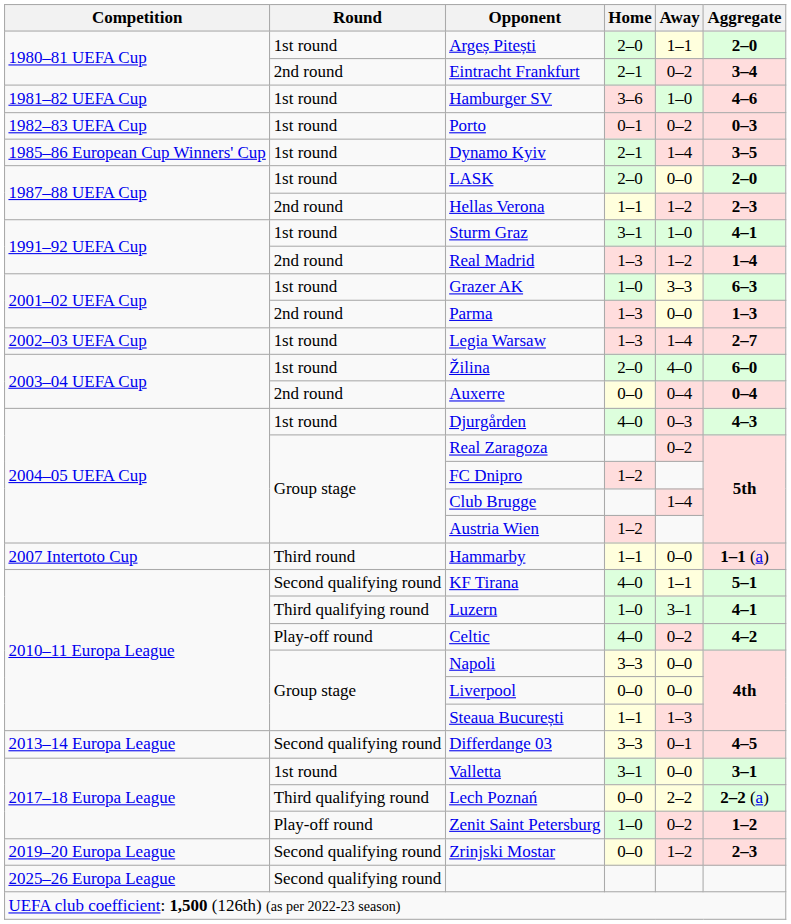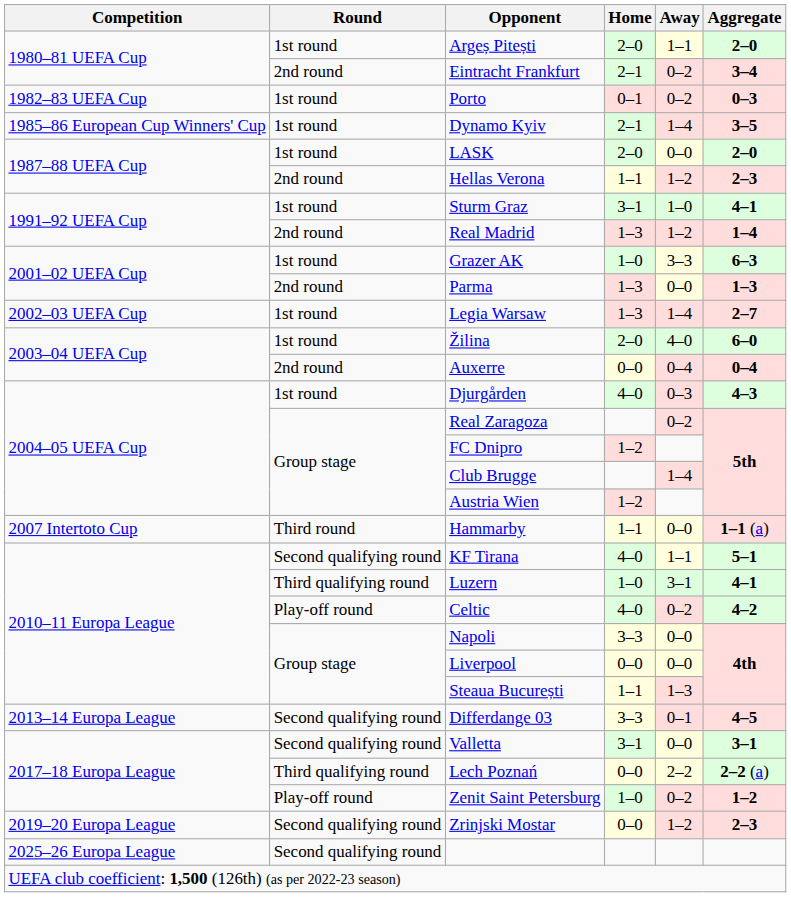 <table class="wikitable">
 <tr>
 <th>Competition</th>
 <th>Round</th>
 <th>Opponent</th>
 <th>Home</th>
 <th>Away</th>
 <th>Aggregate</th>
 </tr>
 <tr>
 <td rowspan="2"><a href='#'>1980–81 UEFA Cup</a></td>
 <td>1st round</td>
 <td> <a href='#'>Argeș Pitești</a></td>
 <td bgcolor="#ddffdd" style="text-align:center;">2–0</td>
 <td bgcolor="#ffffdd" style="text-align:center;">1–1</td>
 <td bgcolor="#ddffdd" style="text-align:center;"><strong>2–0</strong></td>
 </tr>
 <tr>
 <td>2nd round</td>
 <td> <a href='#'>Eintracht Frankfurt</a></td>
 <td bgcolor="#ddffdd" style="text-align:center;">2–1</td>
 <td bgcolor="#ffdddd" style="text-align:center;">0–2</td>
 <td bgcolor="#ffdddd" style="text-align:center;"><strong>3–4</strong></td>
-</tr>
-<tr>
-<td><a href='#'>1981–82 UEFA Cup</a></td>
-<td>1st round</td>
-<td> <a href='#'>Hamburger SV</a></td>
-<td bgcolor="#ffdddd" style="text-align:center;">3–6</td>
-<td bgcolor="#ddffdd" style="text-align:center;">1–0</td>
-<td bgcolor="#ffdddd" style="text-align:center;"><strong>4–6</strong></td>
 </tr>
 <tr>
 <td><a href='#'>1982–83 UEFA Cup</a></td>
 <td>1st round</td>
 <td> <a href='#'>Porto</a></td>
 <td bgcolor="#ffdddd" style="text-align:center;">0–1</td>
 <td bgcolor="#ffdddd" style="text-align:center;">0–2</td>
 <td bgcolor="#ffdddd" style="text-align:center;"><strong>0–3</strong></td>
 </tr>
 <tr>
 <td><a href='#'>1985–86 European Cup Winners' Cup</a></td>
 <td>1st round</td>
 <td> <a href='#'>Dynamo Kyiv</a></td>
 <td bgcolor="#ddffdd" style="text-align:center;">2–1</td>
 <td bgcolor="#ffdddd" style="text-align:center;">1–4</td>
 <td bgcolor="#ffdddd" style="text-align:center;"><strong>3–5</strong></td>
 </tr>
 <tr>
 <td rowspan="2"><a href='#'>1987–88 UEFA Cup</a></td>
 <td>1st round</td>
 <td> <a href='#'>LASK</a></td>
 <td bgcolor="#ddffdd" style="text-align:center;">2–0</td>
 <td bgcolor="#ffffdd" style="text-align:center;">0–0</td>
 <td bgcolor="#ddffdd" style="text-align:center;"><strong>2–0</strong></td>
 </tr>
 <tr>
 <td>2nd round</td>
 <td> <a href='#'>Hellas Verona</a></td>
 <td bgcolor="#ffffdd" style="text-align:center;">1–1</td>
 <td bgcolor="#ffdddd" style="text-align:center;">1–2</td>
 <td bgcolor="#ffdddd" style="text-align:center;"><strong>2–3</strong></td>
 </tr>
 <tr>
 <td rowspan="2"><a href='#'>1991–92 UEFA Cup</a></td>
 <td>1st round</td>
 <td> <a href='#'>Sturm Graz</a></td>
 <td bgcolor="#ddffdd" style="text-align:center;">3–1</td>
 <td bgcolor="#ddffdd" style="text-align:center;">1–0</td>
 <td bgcolor="#ddffdd" style="text-align:center;"><strong>4–1</strong></td>
 </tr>
 <tr>
 <td>2nd round</td>
 <td> <a href='#'>Real Madrid</a></td>
 <td bgcolor="#ffdddd" style="text-align:center;">1–3</td>
 <td bgcolor="#ffdddd" style="text-align:center;">1–2</td>
 <td bgcolor="#ffdddd" style="text-align:center;"><strong>1–4</strong></td>
 </tr>
 <tr>
 <td rowspan="2"><a href='#'>2001–02 UEFA Cup</a></td>
 <td>1st round</td>
 <td> <a href='#'>Grazer AK</a></td>
 <td bgcolor="#ddffdd" style="text-align:center;">1–0</td>
 <td bgcolor="#ffffdd" style="text-align:center;">3–3</td>
 <td bgcolor="#ddffdd" style="text-align:center;"><strong>6–3</strong></td>
 </tr>
 <tr>
 <td>2nd round</td>
 <td> <a href='#'>Parma</a></td>
 <td bgcolor="#ffdddd" style="text-align:center;">1–3</td>
 <td bgcolor="#ffffdd" style="text-align:center;">0–0</td>
 <td bgcolor="#ffdddd" style="text-align:center;"><strong>1–3</strong></td>
 </tr>
 <tr>
 <td><a href='#'>2002–03 UEFA Cup</a></td>
 <td>1st round</td>
 <td> <a href='#'>Legia Warsaw</a></td>
 <td bgcolor="#ffdddd" style="text-align:center;">1–3</td>
 <td bgcolor="#ffdddd" style="text-align:center;">1–4</td>
 <td bgcolor="#ffdddd" style="text-align:center;"><strong>2–7</strong></td>
 </tr>
 <tr>
 <td rowspan="2"><a href='#'>2003–04 UEFA Cup</a></td>
 <td>1st round</td>
 <td> <a href='#'>Žilina</a></td>
 <td bgcolor="#ddffdd" style="text-align:center;">2–0</td>
 <td bgcolor="#ddffdd" style="text-align:center;">4–0</td>
 <td bgcolor="#ddffdd" style="text-align:center;"><strong>6–0</strong></td>
 </tr>
 <tr>
 <td>2nd round</td>
 <td> <a href='#'>Auxerre</a></td>
 <td bgcolor="#ffffdd" style="text-align:center;">0–0</td>
 <td bgcolor="#ffdddd" style="text-align:center;">0–4</td>
 <td bgcolor="#ffdddd" style="text-align:center;"><strong>0–4</strong></td>
 </tr>
 <tr>
 <td rowspan="5"><a href='#'>2004–05 UEFA Cup</a></td>
 <td>1st round</td>
 <td> <a href='#'>Djurgården</a></td>
 <td bgcolor="#ddffdd" style="text-align:center;">4–0</td>
 <td bgcolor="#ffdddd" style="text-align:center;">0–3</td>
 <td bgcolor="#ddffdd" style="text-align:center;"><strong>4–3</strong></td>
 </tr>
 <tr>
 <td rowspan="4">Group stage</td>
 <td> <a href='#'>Real Zaragoza</a></td>
 <td></td>
 <td bgcolor="#ffdddd" style="text-align:center;">0–2</td>
 <td bgcolor="#ffdddd" style="text-align:center;" rowspan="4"><strong>5th</strong></td>
 </tr>
 <tr>
 <td> <a href='#'>FC Dnipro</a></td>
 <td bgcolor="#ffdddd" style="text-align:center;">1–2</td>
 <td></td>
 </tr>
 <tr>
 <td> <a href='#'>Club Brugge</a></td>
 <td></td>
 <td bgcolor="#ffdddd" style="text-align:center;">1–4</td>
 </tr>
 <tr>
 <td> <a href='#'>Austria Wien</a></td>
 <td bgcolor="#ffdddd" style="text-align:center;">1–2</td>
 <td></td>
 </tr>
 <tr>
 <td><a href='#'>2007 Intertoto Cup</a></td>
 <td>Third round</td>
 <td> <a href='#'>Hammarby</a></td>
 <td bgcolor="#ffffdd" style="text-align:center;">1–1</td>
 <td bgcolor="#ffffdd" style="text-align:center;">0–0</td>
 <td bgcolor="#ffdddd" style="text-align:center;"><strong>1–1</strong> (<a href='#'>a</a>)</td>
 </tr>
 <tr>
 <td rowspan="6"><a href='#'>2010–11 Europa League</a></td>
 <td>Second qualifying round</td>
 <td> <a href='#'>KF Tirana</a></td>
 <td bgcolor="#ddffdd" style="text-align:center;">4–0</td>
 <td bgcolor="#ffffdd" style="text-align:center;">1–1</td>
 <td bgcolor="#ddffdd" style="text-align:center;"><strong>5–1</strong></td>
 </tr>
 <tr>
 <td>Third qualifying round</td>
 <td> <a href='#'>Luzern</a></td>
 <td bgcolor="#ddffdd" style="text-align:center;">1–0</td>
 <td bgcolor="#ddffdd" style="text-align:center;">3–1</td>
 <td bgcolor="#ddffdd" style="text-align:center;"><strong>4–1</strong></td>
 </tr>
 <tr>
 <td>Play-off round</td>
 <td> <a href='#'>Celtic</a></td>
 <td bgcolor="#ddffdd" style="text-align:center;">4–0</td>
 <td bgcolor="#ffdddd" style="text-align:center;">0–2</td>
 <td bgcolor="#ddffdd" style="text-align:center;"><strong>4–2</strong></td>
 </tr>
 <tr>
 <td rowspan="3">Group stage</td>
 <td> <a href='#'>Napoli</a></td>
 <td bgcolor="#ffffdd" style="text-align:center;">3–3</td>
 <td bgcolor="#ffffdd" style="text-align:center;">0–0</td>
 <td bgcolor="#ffdddd" style="text-align:center;" rowspan="3"><strong>4th</strong></td>
 </tr>
 <tr>
 <td> <a href='#'>Liverpool</a></td>
 <td bgcolor="#ffffdd" style="text-align:center;">0–0</td>
 <td bgcolor="#ffffdd" style="text-align:center;">0–0</td>
 </tr>
 <tr>
 <td> <a href='#'>Steaua București</a></td>
 <td bgcolor="#ffffdd" style="text-align:center;">1–1</td>
 <td bgcolor="#ffdddd" style="text-align:center;">1–3</td>
 </tr>
 <tr>
 <td><a href='#'>2013–14 Europa League</a></td>
 <td>Second qualifying round</td>
 <td> <a href='#'>Differdange 03</a></td>
 <td bgcolor="#ffffdd" style="text-align:center;">3–3</td>
 <td bgcolor="#ffdddd" style="text-align:center;">0–1</td>
 <td bgcolor="#ffdddd" style="text-align:center;"><strong>4–5</strong></td>
 </tr>
 <tr>
 <td rowspan="3"><a href='#'>2017–18 Europa League</a></td>
-<td>1st round</td>
+<td>Second qualifying round</td>
 <td> <a href='#'>Valletta</a></td>
 <td bgcolor="#ddffdd" style="text-align:center;">3–1</td>
 <td bgcolor="#ffffdd" style="text-align:center;">0–0</td>
 <td bgcolor="#ddffdd" style="text-align:center;"><strong>3–1</strong></td>
 </tr>
 <tr>
 <td>Third qualifying round</td>
 <td> <a href='#'>Lech Poznań</a></td>
 <td bgcolor="#ffffdd" style="text-align:center;">0–0</td>
 <td bgcolor="#ffffdd" style="text-align:center;">2–2</td>
 <td bgcolor="#ddffdd" style="text-align:center;"><strong>2–2</strong> (<a href='#'>a</a>)</td>
 </tr>
 <tr>
 <td>Play-off round</td>
 <td> <a href='#'>Zenit Saint Petersburg</a></td>
 <td bgcolor="#ddffdd" style="text-align:center;">1–0</td>
 <td bgcolor="#ffdddd" style="text-align:center;">0–2 </td>
 <td bgcolor="#ffdddd" style="text-align:center;"><strong>1–2</strong></td>
 </tr>
 <tr>
 <td><a href='#'>2019–20 Europa League</a></td>
 <td>Second qualifying round</td>
 <td> <a href='#'>Zrinjski Mostar</a></td>
 <td bgcolor="#ffffdd" style="text-align:center;">0–0</td>
 <td bgcolor="#ffdddd" style="text-align:center;">1–2 </td>
 <td bgcolor="#ffdddd" style="text-align:center;"><strong>2–3</strong></td>
 </tr>
 <tr>
 <td><a href='#'>2025–26 Europa League</a></td>
 <td>Second qualifying round</td>
 <td></td>
 <td></td>
 <td></td>
 <td></td>
 </tr>
 <tr>
 <td colspan="6"><a href='#'>UEFA club coefficient</a>: <strong>1,500</strong> (126th) <small>(as per 2022-23 season)</small></td>
 </tr>
 </table>
